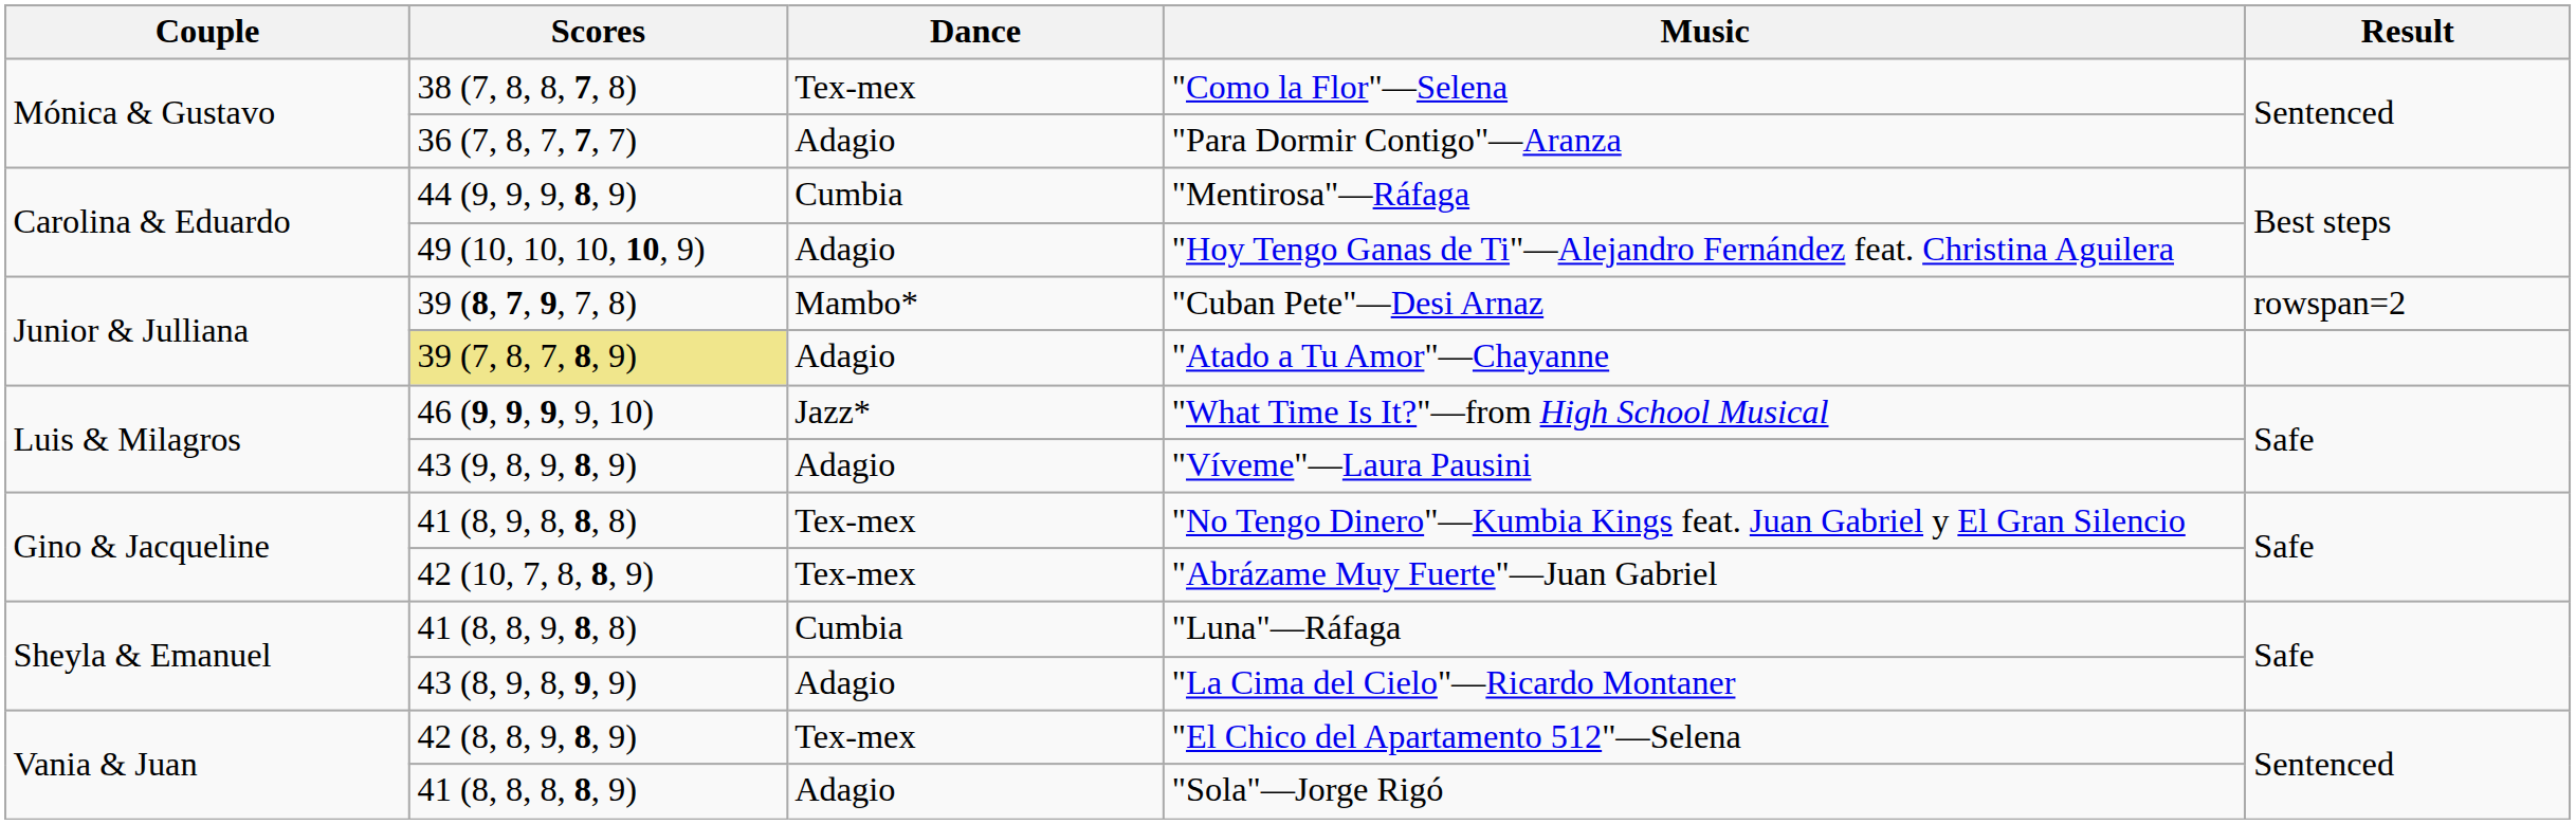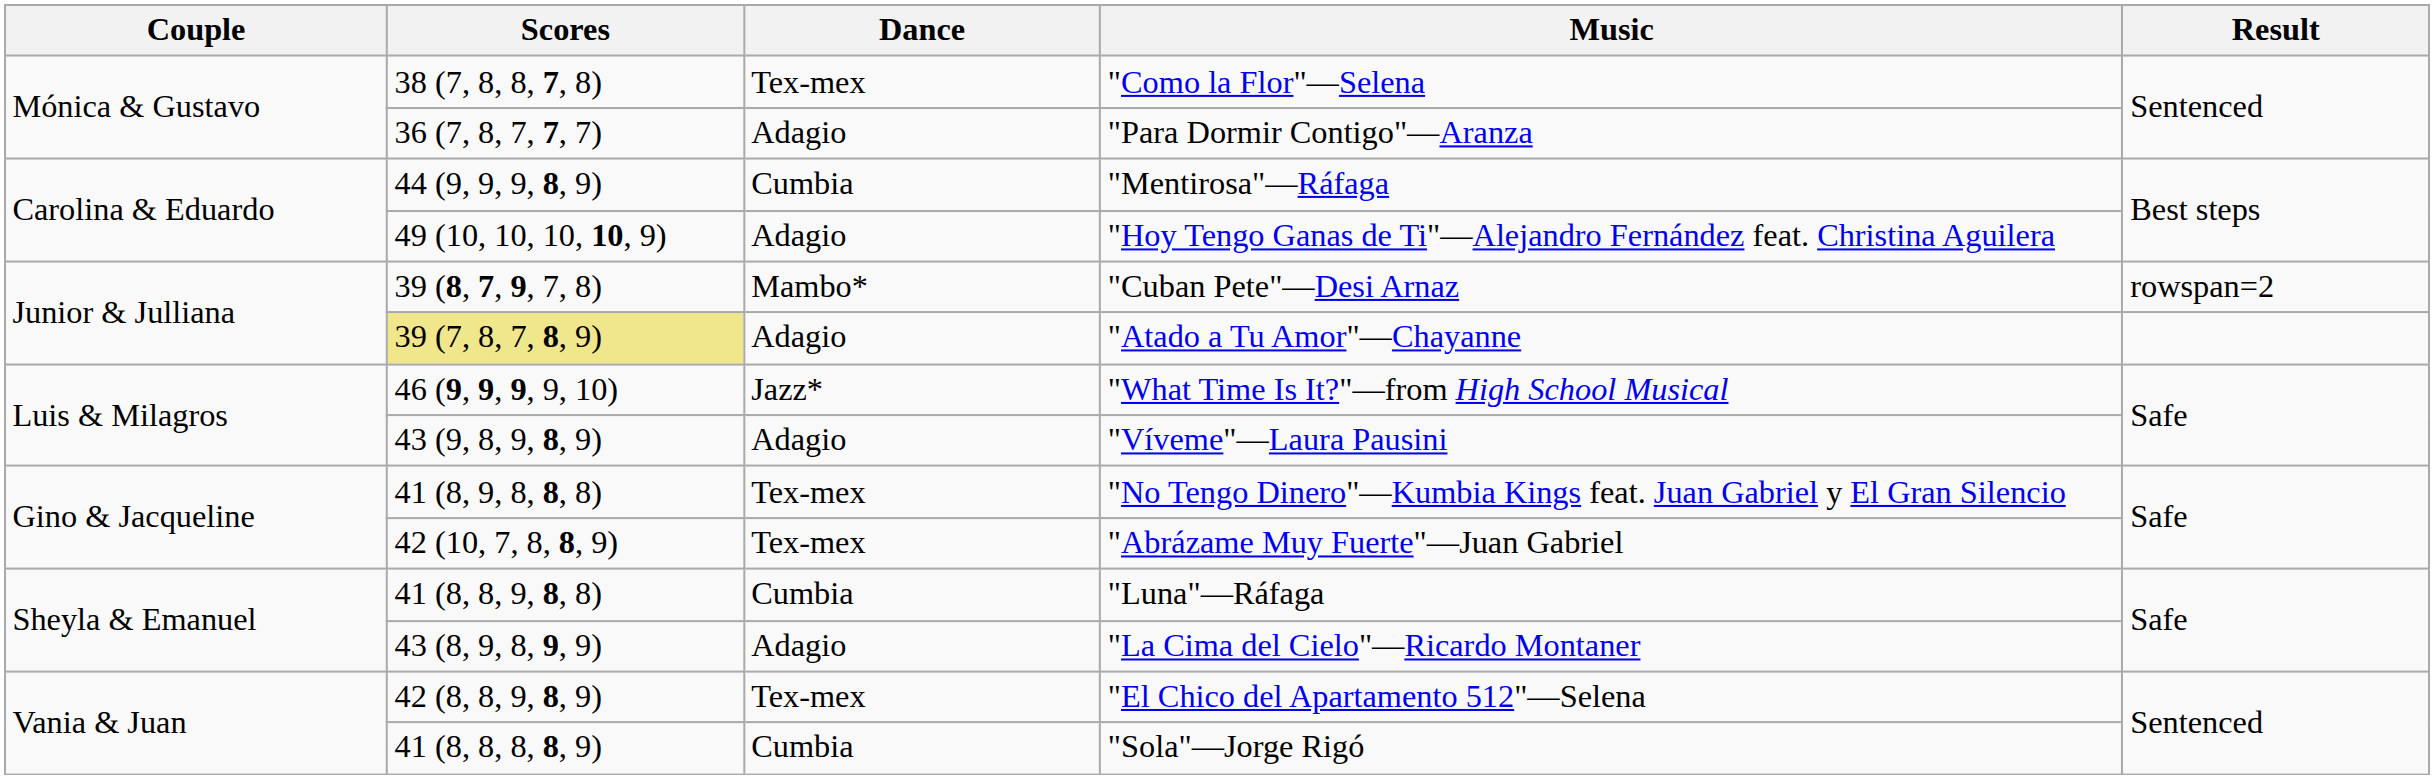 <table class="wikitable sortable" style="width:95%; white-space:nowrap">
 <tr>
 <th style="width:15%;">Couple</th>
 <th style="width:14%;">Scores</th>
 <th style="width:14%;">Dance</th>
 <th style="width:40%;">Music</th>
 <th style="width:12%;">Result</th>
 </tr>
 <tr>
 <td rowspan=2>Mónica & Gustavo</td>
 <td>38 (7, 8, 8, <strong>7</strong>, 8)</td>
 <td>Tex-mex</td>
 <td>"<a href='#'>Como la Flor</a>"—<a href='#'>Selena</a></td>
 <td rowspan=2>Sentenced</td>
 </tr>
 <tr>
 <td>36 (7, 8, 7, <strong>7</strong>, 7)</td>
 <td>Adagio</td>
 <td>"Para Dormir Contigo"—<a href='#'>Aranza</a></td>
 </tr>
 <tr>
 <td rowspan=2>Carolina & Eduardo</td>
 <td>44 (9, 9, 9, <strong>8</strong>, 9)</td>
 <td>Cumbia</td>
 <td>"Mentirosa"—<a href='#'>Ráfaga</a></td>
 <td rowspan=2>Best steps</td>
 </tr>
 <tr>
 <td>49 (10, 10, 10, <strong>10</strong>, 9)</td>
 <td>Adagio</td>
 <td>"<a href='#'>Hoy Tengo Ganas de Ti</a>"—<a href='#'>Alejandro Fernández</a> feat. <a href='#'>Christina Aguilera</a></td>
 </tr>
 <tr>
 <td rowspan=2>Junior & Julliana</td>
 <td>39 (<strong>8</strong>, <strong>7</strong>, <strong>9</strong>, 7, 8)</td>
 <td>Mambo*</td>
 <td>"Cuban Pete"—<a href='#'>Desi Arnaz</a></td>
 <td>rowspan=2 </td>
 </tr>
 <tr>
 <td style="background: khaki;">39 (7, 8, 7, <strong>8</strong>, 9)</td>
 <td>Adagio</td>
 <td>"<a href='#'>Atado a Tu Amor</a>"—<a href='#'>Chayanne</a></td>
 </tr>
 <tr>
 <td rowspan=2>Luis & Milagros</td>
 <td>46 (<strong>9</strong>, <strong>9</strong>, <strong>9</strong>, 9, 10)</td>
 <td>Jazz*</td>
 <td>"<a href='#'>What Time Is It?</a>"—from <em><a href='#'>High School Musical</a></em></td>
 <td rowspan=2>Safe</td>
 </tr>
 <tr>
 <td>43 (9, 8, 9, <strong>8</strong>, 9)</td>
 <td>Adagio</td>
 <td>"<a href='#'>Víveme</a>"—<a href='#'>Laura Pausini</a></td>
 </tr>
 <tr>
 <td rowspan=2>Gino & Jacqueline</td>
 <td>41 (8, 9, 8, <strong>8</strong>, 8)</td>
 <td>Tex-mex</td>
 <td>"<a href='#'>No Tengo Dinero</a>"—<a href='#'>Kumbia Kings</a> feat. <a href='#'>Juan Gabriel</a> y <a href='#'>El Gran Silencio</a></td>
 <td rowspan=2>Safe</td>
 </tr>
 <tr>
 <td>42 (10, 7, 8, <strong>8</strong>, 9)</td>
 <td>Tex-mex</td>
 <td>"<a href='#'>Abrázame Muy Fuerte</a>"—Juan Gabriel</td>
 </tr>
 <tr>
 <td rowspan=2>Sheyla & Emanuel</td>
 <td>41 (8, 8, 9, <strong>8</strong>, 8)</td>
 <td>Cumbia</td>
 <td>"Luna"—Ráfaga</td>
 <td rowspan=2>Safe</td>
 </tr>
 <tr>
 <td>43 (8, 9, 8, <strong>9</strong>, 9)</td>
 <td>Adagio</td>
 <td>"<a href='#'>La Cima del Cielo</a>"—<a href='#'>Ricardo Montaner</a></td>
 </tr>
 <tr>
 <td rowspan=2>Vania & Juan</td>
 <td>42 (8, 8, 9, <strong>8</strong>, 9)</td>
 <td>Tex-mex</td>
 <td>"<a href='#'>El Chico del Apartamento 512</a>"—Selena</td>
 <td rowspan=2>Sentenced</td>
 </tr>
 <tr>
 <td>41 (8, 8, 8, <strong>8</strong>, 9)</td>
-<td>Adagio</td>
+<td>Cumbia</td>
 <td>"Sola"—Jorge Rigó</td>
 </tr>
 </table>
